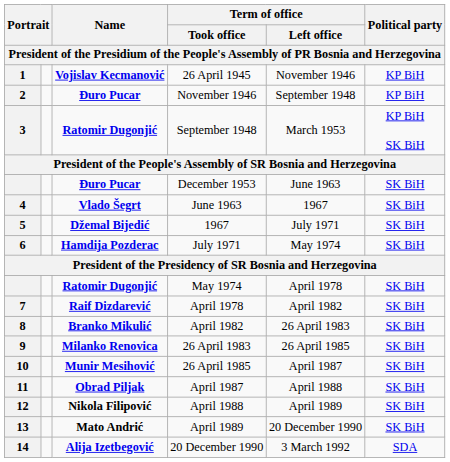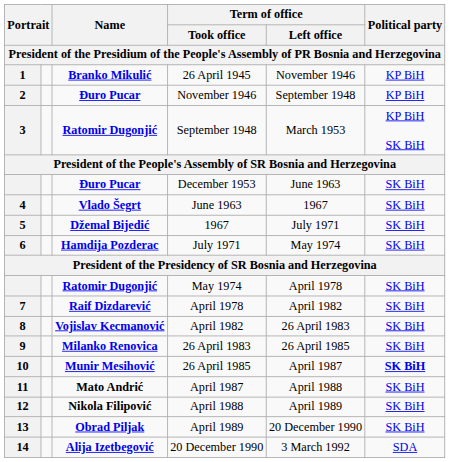 <table class="wikitable sortable" style="text-align: center;font-size:90%; border:1px #AAAAFF solid">
 <tr>
 <th rowspan=2 colspan=2>Portrait</th>
 <th rowspan=2>Name<br></th>
 <th colspan=2>Term of office</th>
 <th rowspan=2>Political party</th>
 </tr>
 <tr>
 <th>Took office</th>
 <th>Left office</th>
 </tr>
 <tr>
 <th colspan=6>President of the Presidium of the People's Assembly of PR Bosnia and Herzegovina</th>
 </tr>
 <tr>
 <th style="background:">1</th>
 <td></td>
-<td><strong><a href='#'>Vojislav Kecmanović</a></strong><br></td>
+<td><strong><a href='#'>Branko Mikulić</a></strong><br></td>
 <td>26 April 1945</td>
 <td>November 1946</td>
 <td><a href='#'>KP BiH</a></td>
 </tr>
 <tr>
 <th style="background:">2</th>
 <td></td>
 <td><strong><a href='#'>Đuro Pucar</a></strong><br></td>
 <td>November 1946</td>
 <td>September 1948</td>
 <td><a href='#'>KP BiH</a></td>
 </tr>
 <tr>
 <th style="background:">3</th>
 <td></td>
 <td><strong><a href='#'>Ratomir Dugonjić</a></strong><br></td>
 <td>September 1948</td>
 <td>March 1953</td>
 <td><a href='#'>KP BiH</a><br><br><a href='#'>SK BiH</a></td>
 </tr>
 <tr>
 <th colspan=6>President of the People's Assembly of SR Bosnia and Herzegovina</th>
 </tr>
 <tr>
 <th style="background:"></th>
 <td></td>
 <td><strong><a href='#'>Đuro Pucar</a></strong><br></td>
 <td>December 1953</td>
 <td>June 1963</td>
 <td><a href='#'>SK BiH</a></td>
 </tr>
 <tr>
 <th style="background:">4</th>
 <td></td>
 <td><strong><a href='#'>Vlado Šegrt</a></strong><br></td>
 <td>June 1963</td>
 <td>1967</td>
 <td><a href='#'>SK BiH</a></td>
 </tr>
 <tr>
 <th style="background:">5</th>
 <td></td>
 <td><strong><a href='#'>Džemal Bijedić</a></strong><br></td>
 <td>1967</td>
 <td>July 1971</td>
 <td><a href='#'>SK BiH</a></td>
 </tr>
 <tr>
 <th style="background:">6</th>
 <td></td>
 <td><strong><a href='#'>Hamdija Pozderac</a></strong><br></td>
 <td>July 1971</td>
 <td>May 1974</td>
 <td><a href='#'>SK BiH</a></td>
 </tr>
 <tr>
 <th colspan=6>President of the Presidency of SR Bosnia and Herzegovina</th>
 </tr>
 <tr>
 <th style="background:"></th>
 <td></td>
 <td><strong><a href='#'>Ratomir Dugonjić</a></strong><br></td>
 <td>May 1974</td>
 <td>April 1978</td>
 <td><a href='#'>SK BiH</a></td>
 </tr>
 <tr>
 <th style="background:">7</th>
 <td></td>
 <td><strong><a href='#'>Raif Dizdarević</a></strong><br></td>
 <td>April 1978</td>
 <td>April 1982</td>
 <td><a href='#'>SK BiH</a></td>
 </tr>
 <tr>
 <th style="background:">8</th>
 <td></td>
-<td><strong><a href='#'>Branko Mikulić</a></strong><br></td>
+<td><strong><a href='#'>Vojislav Kecmanović</a></strong><br></td>
 <td>April 1982</td>
 <td>26 April 1983</td>
 <td><a href='#'>SK BiH</a></td>
 </tr>
 <tr>
 <th style="background:">9</th>
 <td></td>
 <td><strong><a href='#'>Milanko Renovica</a></strong><br></td>
 <td>26 April 1983</td>
 <td>26 April 1985</td>
 <td><a href='#'>SK BiH</a></td>
 </tr>
 <tr>
 <th style="background:">10</th>
 <td></td>
 <td><strong><a href='#'>Munir Mesihović</a></strong><br></td>
 <td>26 April 1985</td>
 <td>April 1987</td>
-<td><a href='#'>SK BiH</a></td>
+<td><strong><a href='#'>SK BiH</a></strong></td>
 </tr>
 <tr>
 <th style="background:">11</th>
 <td></td>
-<td><strong><a href='#'>Obrad Piljak</a></strong><br></td>
+<td><strong>Mato Andrić</strong><br></td>
 <td>April 1987</td>
 <td>April 1988</td>
 <td><a href='#'>SK BiH</a></td>
 </tr>
 <tr>
 <th style="background:">12</th>
 <td></td>
 <td><strong>Nikola Filipović</strong><br></td>
 <td>April 1988</td>
 <td>April 1989</td>
 <td><a href='#'>SK BiH</a></td>
 </tr>
 <tr>
 <th style="background:">13</th>
 <td></td>
-<td><strong>Mato Andrić</strong><br></td>
+<td><strong><a href='#'>Obrad Piljak</a></strong><br></td>
 <td>April 1989</td>
 <td>20 December 1990</td>
 <td><a href='#'>SK BiH</a></td>
 </tr>
 <tr>
 <th style="background:">14</th>
 <td></td>
 <td><strong><a href='#'>Alija Izetbegović</a></strong><br></td>
 <td>20 December 1990</td>
 <td>3 March 1992</td>
 <td><a href='#'>SDA</a></td>
 </tr>
 </table>
